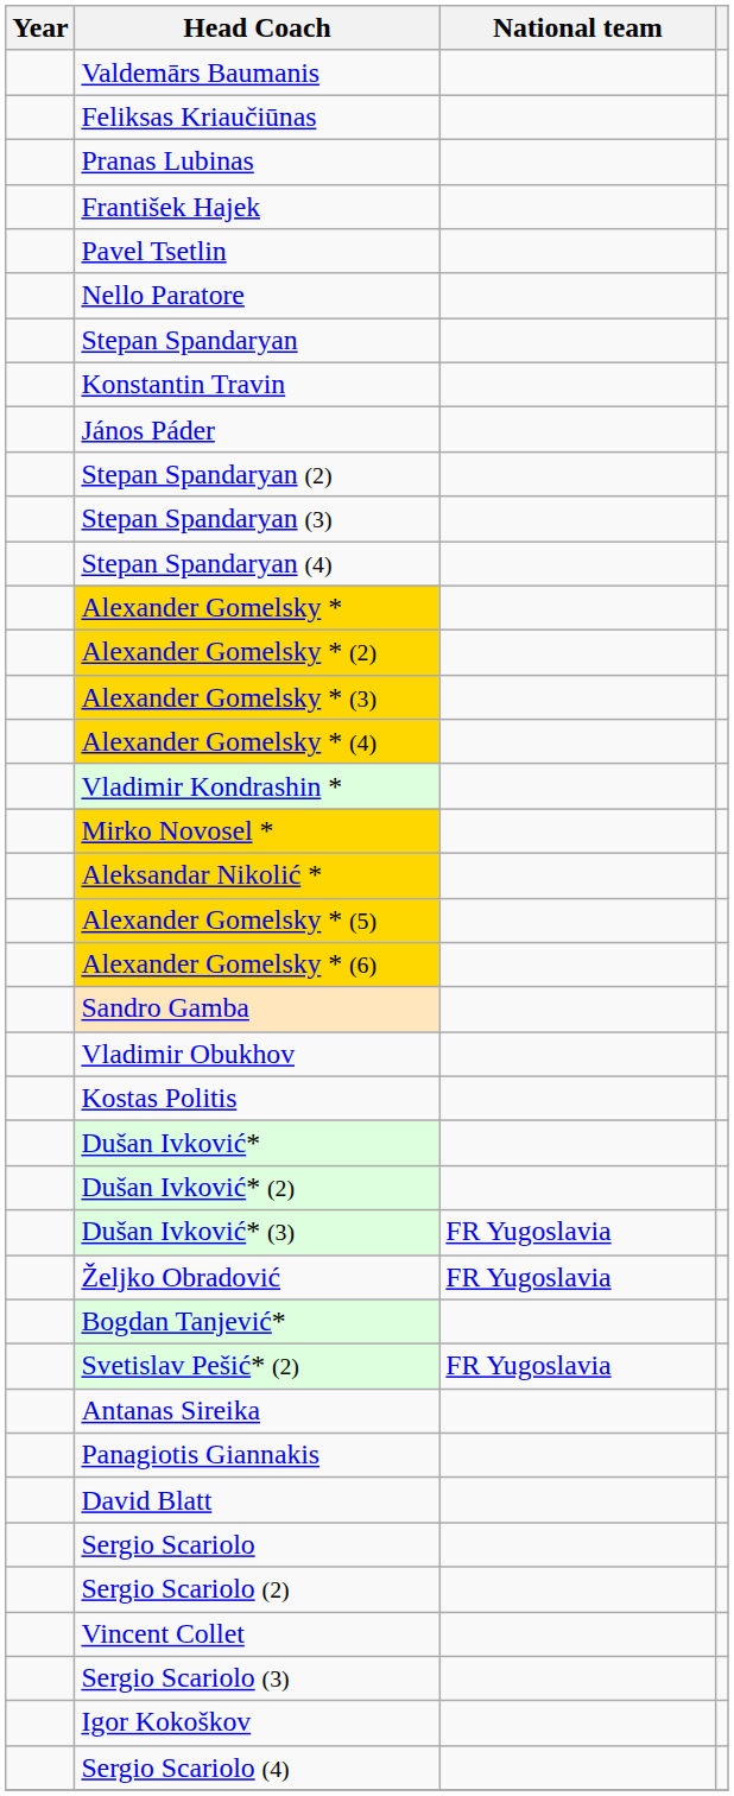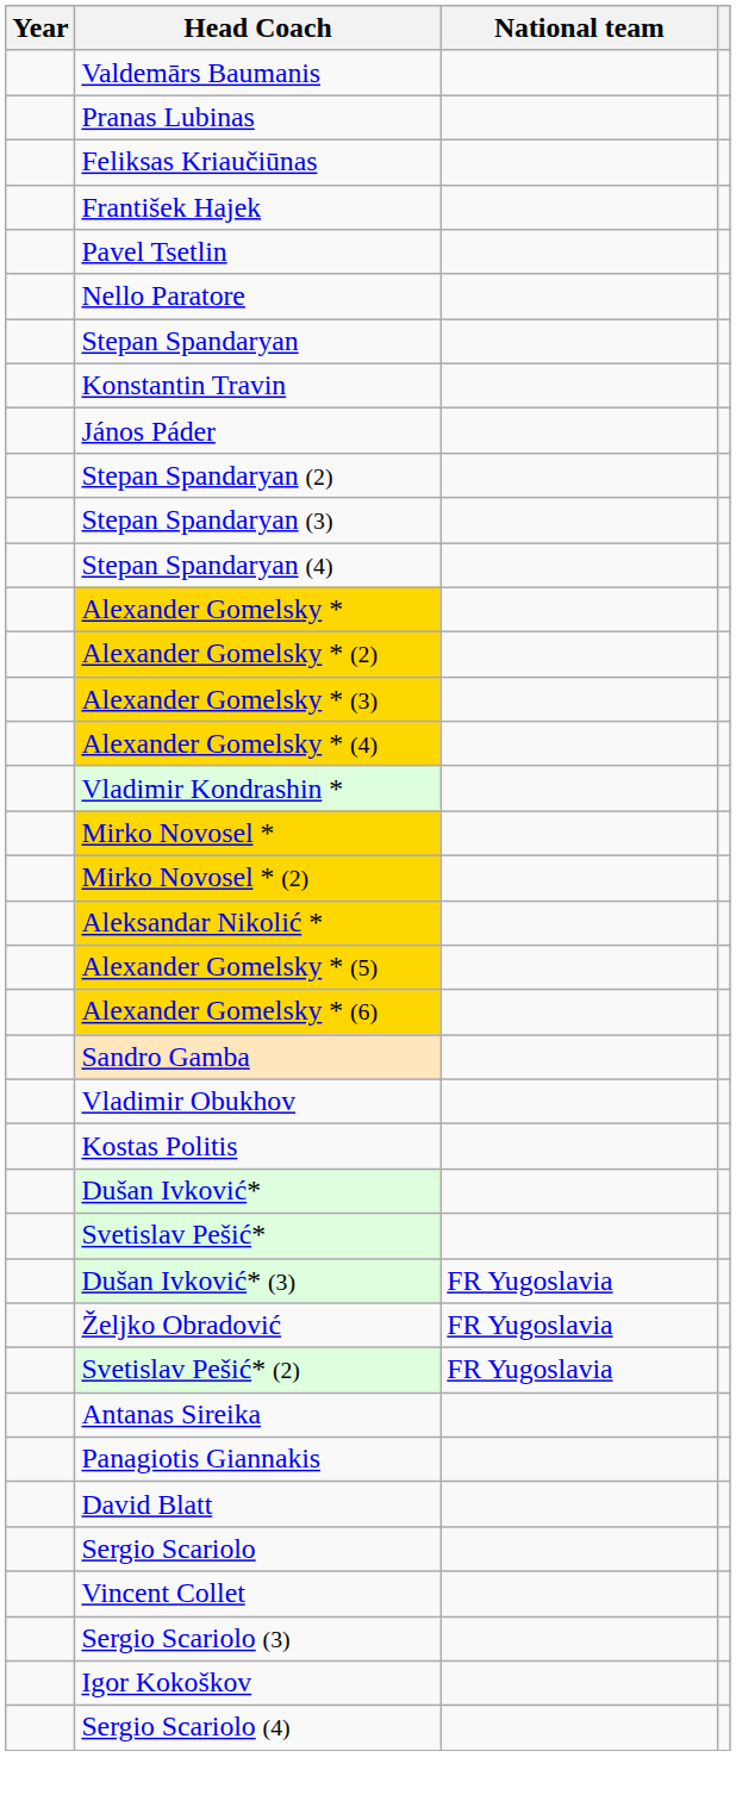 <table class="wikitable">
 <tr>
 <th>Year</th>
 <th style="width:200px">Head Coach</th>
 <th style="width:150px">National team</th>
 <th></th>
 </tr>
 <tr>
 <td></td>
 <td> <a href='#'>Valdemārs Baumanis</a></td>
 <td></td>
 <td></td>
 </tr>
 <tr>
 <td></td>
-<td> <a href='#'>Feliksas Kriaučiūnas</a></td>
+<td> <a href='#'>Pranas Lubinas</a></td>
 <td></td>
 <td></td>
 </tr>
 <tr>
 <td></td>
-<td> <a href='#'>Pranas Lubinas</a></td>
+<td> <a href='#'>Feliksas Kriaučiūnas</a></td>
 <td></td>
 <td></td>
 </tr>
 <tr>
 <td></td>
 <td> <a href='#'>František Hajek</a></td>
 <td></td>
 <td></td>
 </tr>
 <tr>
 <td></td>
 <td> <a href='#'>Pavel Tsetlin</a></td>
 <td></td>
 <td></td>
 </tr>
 <tr>
 <td></td>
 <td> <a href='#'>Nello Paratore</a></td>
 <td></td>
 <td></td>
 </tr>
 <tr>
 <td></td>
 <td> <a href='#'>Stepan Spandaryan</a></td>
 <td></td>
 <td></td>
 </tr>
 <tr>
 <td></td>
 <td> <a href='#'>Konstantin Travin</a></td>
 <td></td>
 <td></td>
 </tr>
 <tr>
 <td></td>
 <td>  <a href='#'>János Páder</a></td>
 <td></td>
 <td></td>
 </tr>
 <tr>
 <td></td>
 <td> <a href='#'>Stepan Spandaryan</a> <small>(2)</small></td>
 <td></td>
 <td></td>
 </tr>
 <tr>
 <td></td>
 <td> <a href='#'>Stepan Spandaryan</a> <small>(3)</small></td>
 <td></td>
 <td></td>
 </tr>
 <tr>
 <td></td>
 <td> <a href='#'>Stepan Spandaryan</a> <small>(4)</small></td>
 <td></td>
 <td></td>
 </tr>
 <tr>
 <td></td>
 <td bgcolor="#FFD700"> <a href='#'>Alexander Gomelsky</a> *</td>
 <td></td>
 <td></td>
 </tr>
 <tr>
 <td></td>
 <td bgcolor="#FFD700"> <a href='#'>Alexander Gomelsky</a> * <small>(2)</small></td>
 <td></td>
 <td></td>
 </tr>
 <tr>
 <td></td>
 <td bgcolor="#FFD700"> <a href='#'>Alexander Gomelsky</a> * <small>(3)</small></td>
 <td></td>
 <td></td>
 </tr>
 <tr>
 <td></td>
 <td bgcolor="#FFD700"> <a href='#'>Alexander Gomelsky</a> * <small>(4)</small></td>
 <td></td>
 <td></td>
 </tr>
 <tr>
 <td></td>
 <td bgcolor="#ddffdd"> <a href='#'>Vladimir Kondrashin</a> *</td>
 <td></td>
 <td></td>
 </tr>
 <tr>
 <td></td>
 <td bgcolor="#FFD700"> <a href='#'>Mirko Novosel</a> *</td>
 <td></td>
 <td></td>
 </tr>
 <tr>
 <td></td>
+<td bgcolor="#FFD700"> <a href='#'>Mirko Novosel</a> * <small>(2)</small></td>
+<td></td>
+<td></td>
+</tr>
+<tr>
+<td></td>
 <td bgcolor="#FFD700"> <a href='#'>Aleksandar Nikolić</a> *</td>
 <td></td>
 <td></td>
 </tr>
 <tr>
 <td></td>
 <td bgcolor="#FFD700"> <a href='#'>Alexander Gomelsky</a> * <small>(5)</small></td>
 <td></td>
 <td></td>
 </tr>
 <tr>
 <td></td>
 <td bgcolor="#FFD700"> <a href='#'>Alexander Gomelsky</a> * <small>(6)</small></td>
 <td></td>
 <td></td>
 </tr>
 <tr>
 <td></td>
 <td bgcolor="#FFE6BD"> <a href='#'>Sandro Gamba</a></td>
 <td></td>
 <td></td>
 </tr>
 <tr>
 <td></td>
 <td> <a href='#'>Vladimir Obukhov</a></td>
 <td></td>
 <td></td>
 </tr>
 <tr>
 <td></td>
 <td> <a href='#'>Kostas Politis</a></td>
 <td></td>
 <td></td>
 </tr>
 <tr>
 <td></td>
 <td bgcolor="#ddffdd"> <a href='#'>Dušan Ivković</a>*</td>
 <td></td>
 <td></td>
 </tr>
 <tr>
 <td></td>
-<td bgcolor="#ddffdd"> <a href='#'>Dušan Ivković</a>* <small>(2)</small></td>
+<td bgcolor="#ddffdd"> <a href='#'>Svetislav Pešić</a>*</td>
 <td></td>
 <td></td>
 </tr>
 <tr>
 <td></td>
 <td bgcolor="#ddffdd"> <a href='#'>Dušan Ivković</a>* <small>(3)</small></td>
 <td> <a href='#'>FR Yugoslavia</a></td>
 <td></td>
 </tr>
 <tr>
 <td></td>
 <td> <a href='#'>Željko Obradović</a></td>
 <td> <a href='#'>FR Yugoslavia</a></td>
-<td></td>
-</tr>
-<tr>
-<td></td>
-<td bgcolor="#ddffdd"> <a href='#'>Bogdan Tanjević</a>*</td>
-<td></td>
 <td></td>
 </tr>
 <tr>
 <td></td>
 <td bgcolor="#ddffdd"> <a href='#'>Svetislav Pešić</a>* <small>(2)</small></td>
 <td> <a href='#'>FR Yugoslavia</a></td>
 <td></td>
 </tr>
 <tr>
 <td></td>
 <td> <a href='#'>Antanas Sireika</a></td>
 <td></td>
 <td></td>
 </tr>
 <tr>
 <td></td>
 <td> <a href='#'>Panagiotis Giannakis</a></td>
 <td></td>
 <td></td>
 </tr>
 <tr>
 <td></td>
 <td> <a href='#'>David Blatt</a></td>
 <td></td>
 <td></td>
 </tr>
 <tr>
 <td></td>
 <td> <a href='#'>Sergio Scariolo</a></td>
 <td></td>
 <td></td>
 </tr>
 <tr>
 <td></td>
-<td> <a href='#'>Sergio Scariolo</a> <small>(2)</small></td>
-<td></td>
-<td></td>
-</tr>
-<tr>
-<td></td>
 <td> <a href='#'>Vincent Collet</a></td>
 <td></td>
 <td></td>
 </tr>
 <tr>
 <td></td>
 <td> <a href='#'>Sergio Scariolo</a> <small>(3)</small></td>
 <td></td>
 <td></td>
 </tr>
 <tr>
 <td></td>
 <td> <a href='#'>Igor Kokoškov</a></td>
 <td></td>
 <td></td>
 </tr>
 <tr>
 <td></td>
 <td> <a href='#'>Sergio Scariolo</a> <small>(4)</small></td>
 <td></td>
 <td></td>
 </tr>
 <tr>
 </tr>
 </table>
